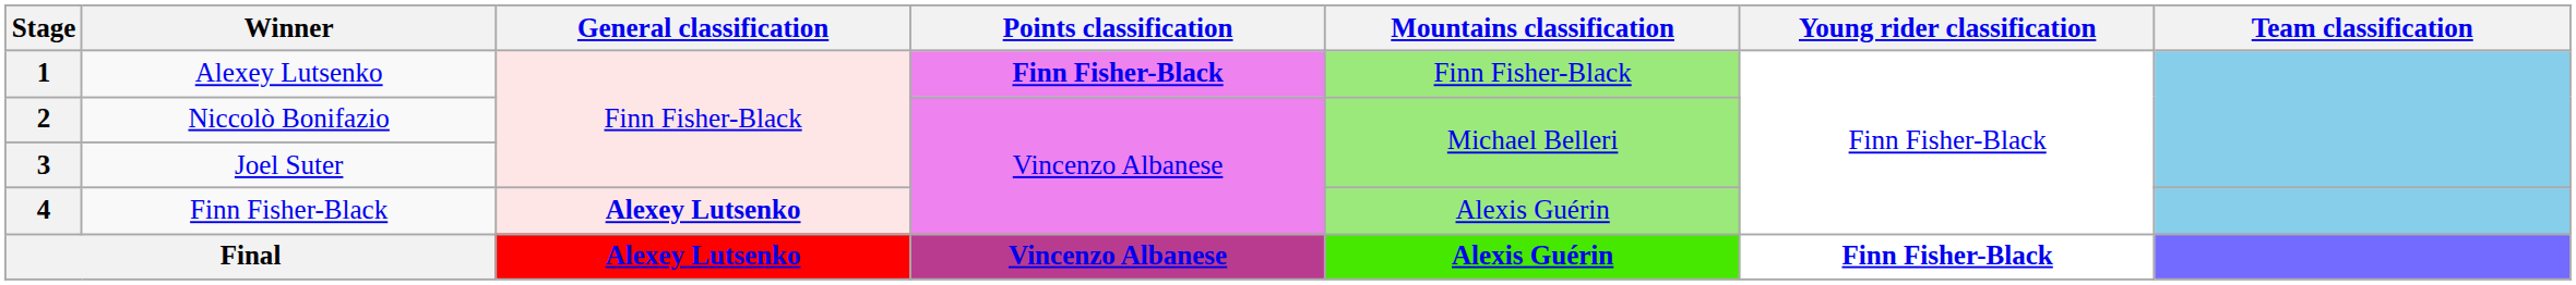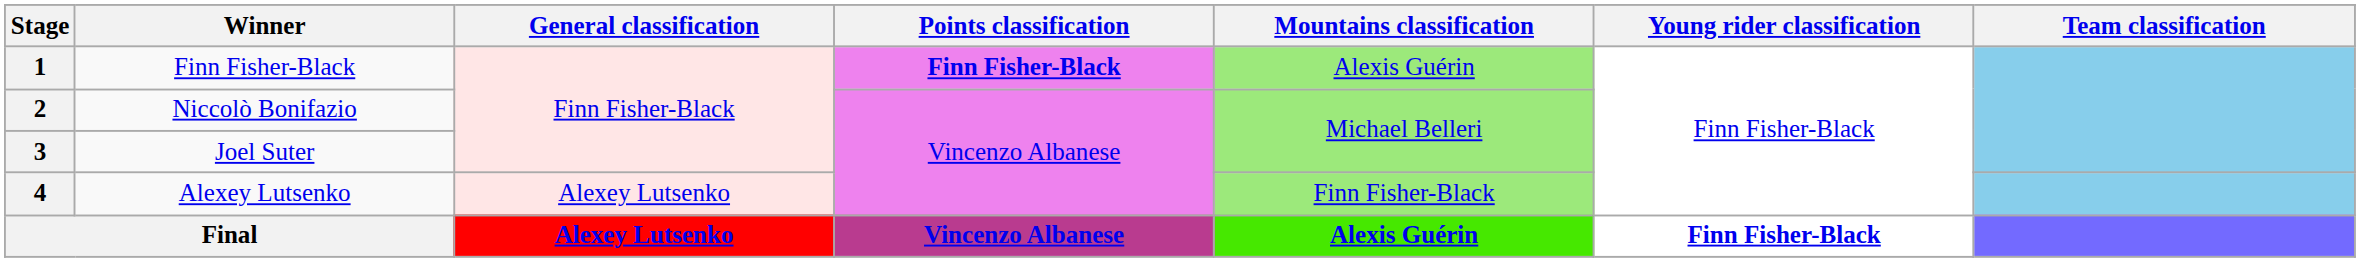 <table class="wikitable" style="text-align: center; font-size:smaller;">
 <tr>
 <th scope="col" width="1%">Stage</th>
 <th scope="col" width="16.5%">Winner</th>
 <th scope="col" width="16.5%"><a href='#'>General classification</a><br></th>
 <th scope="col" width="16.5%"><a href='#'>Points classification</a><br></th>
 <th scope="col" width="16.5%"><a href='#'>Mountains classification</a><br></th>
 <th scope="col" width="16.5%"><a href='#'>Young rider classification</a><br></th>
 <th scope="col" width="16.5%"><a href='#'>Team classification</a></th>
 </tr>
 <tr>
 <th>1</th>
-<td><a href='#'>Alexey Lutsenko</a></td>
+<td><a href='#'>Finn Fisher-Black</a></td>
 <td style="background:#FFE6E6;" rowspan=3><a href='#'>Finn Fisher-Black</a></td>
 <td style="background:violet;"><strong><a href='#'>Finn Fisher-Black</a></strong></td>
-<td style="background:#9CE97B;"><a href='#'>Finn Fisher-Black</a></td>
+<td style="background:#9CE97B;"><a href='#'>Alexis Guérin</a></td>
 <td style="background:white;" rowspan=4><a href='#'>Finn Fisher-Black</a></td>
 <td style="background:skyblue;" rowspan=3></td>
 </tr>
 <tr>
 <th>2</th>
 <td><a href='#'>Niccolò Bonifazio</a></td>
 <td style="background:violet;" rowspan=3><a href='#'>Vincenzo Albanese</a></td>
 <td style="background:#9CE97B;" rowspan=2><a href='#'>Michael Belleri</a></td>
 </tr>
 <tr>
 <th>3</th>
 <td><a href='#'>Joel Suter</a></td>
 </tr>
 <tr>
 <th>4</th>
-<td><a href='#'>Finn Fisher-Black</a></td>
-<td style="background:#FFE6E6;"><strong><a href='#'>Alexey Lutsenko</a></strong></td>
-<td style="background:#9CE97B;"><a href='#'>Alexis Guérin</a></td>
+<td><a href='#'>Alexey Lutsenko</a></td>
+<td style="background:#FFE6E6;"><a href='#'>Alexey Lutsenko</a></td>
+<td style="background:#9CE97B;"><a href='#'>Finn Fisher-Black</a></td>
 <td style="background:skyblue;"></td>
 </tr>
 <tr>
 <th colspan="2">Final</th>
 <th style="background:#f00;"><a href='#'>Alexey Lutsenko</a></th>
 <th style="background:#B93B8F;"><a href='#'>Vincenzo Albanese</a></th>
 <th style="background:#46E800;"><a href='#'>Alexis Guérin</a></th>
 <th style="background:white;"><a href='#'>Finn Fisher-Black</a></th>
 <th style="background:#736aff;"></th>
 </tr>
 </table>
